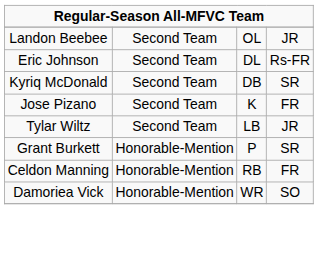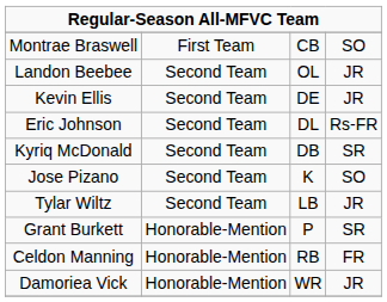 <table class="wikitable" style="display: inline-table;">
 <tr>
 <td align="center" Colspan="4"><strong>Regular-Season All-MFVC Team</strong></td>
 </tr>
 <tr align="center">
 </tr>
 <tr align="center">
+<td>Montrae Braswell</td>
+<td>First Team</td>
+<td>CB</td>
+<td>SO</td>
+</tr>
+<tr align="center">
 <td>Landon Beebee</td>
 <td>Second Team</td>
 <td>OL</td>
+<td>JR</td>
+</tr>
+<tr align="center">
+<td>Kevin Ellis</td>
+<td>Second Team</td>
+<td>DE</td>
 <td>JR</td>
 </tr>
 <tr align="center">
 <td>Eric Johnson</td>
 <td>Second Team</td>
 <td>DL</td>
 <td>Rs-FR</td>
 </tr>
 <tr align="center">
 <td>Kyriq McDonald</td>
 <td>Second Team</td>
 <td>DB</td>
 <td>SR</td>
 </tr>
 <tr align="center">
 <td>Jose Pizano</td>
 <td>Second Team</td>
 <td>K</td>
-<td>FR</td>
+<td>SO</td>
 </tr>
 <tr align="center">
 <td>Tylar Wiltz</td>
 <td>Second Team</td>
 <td>LB</td>
 <td>JR</td>
 </tr>
 <tr align="center">
 <td>Grant Burkett</td>
 <td>Honorable-Mention</td>
 <td>P</td>
 <td>SR</td>
 </tr>
 <tr align="center">
 <td>Celdon Manning</td>
 <td>Honorable-Mention</td>
 <td>RB</td>
 <td>FR</td>
 </tr>
 <tr align="center">
 <td>Damoriea Vick</td>
 <td>Honorable-Mention</td>
 <td>WR</td>
-<td>SO</td>
+<td>JR</td>
 </tr>
 <tr align="center">
 </tr>
 </table>
